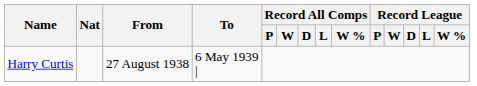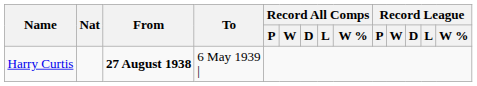 <table class="wikitable" style="text-align: center">
 <tr>
 <th rowspan="2">Name</th>
 <th rowspan="2">Nat</th>
 <th rowspan="2">From</th>
 <th rowspan="2">To</th>
 <th colspan="5">Record All Comps</th>
 <th colspan="5">Record League</th>
 </tr>
 <tr>
 <th>P</th>
 <th>W</th>
 <th>D</th>
 <th>L</th>
 <th>W %</th>
 <th>P</th>
 <th>W</th>
 <th>D</th>
 <th>L</th>
 <th>W %</th>
 </tr>
 <tr>
 <td align=left><a href='#'>Harry Curtis</a></td>
 <td></td>
-<td align=left>27 August 1938</td>
+<td align=left><strong>27 August 1938</strong></td>
 <td align=left>6 May 1939<br>|</td>
 </tr>
 </table>
